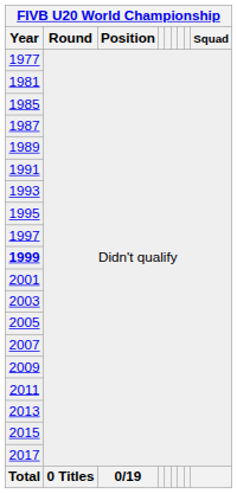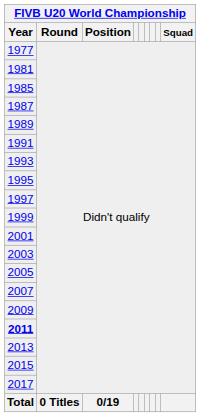 <table class="wikitable" style="text-align: center;">
 <tr>
 <th colspan=9><a href='#'>FIVB U20 World Championship</a></th>
 </tr>
 <tr>
 <th>Year</th>
 <th>Round</th>
 <th>Position</th>
 <th></th>
 <th></th>
 <th></th>
 <th></th>
 <th></th>
 <th><small>Squad</small></th>
 </tr>
 <tr bgcolor="efefef">
 <td> <a href='#'>1977</a></td>
 <td colspan=9 rowspan=19>Didn't qualify</td>
 </tr>
 <tr bgcolor="efefef">
 <td> <a href='#'>1981</a></td>
 </tr>
 <tr bgcolor="efefef">
 <td> <a href='#'>1985</a></td>
 </tr>
 <tr bgcolor="efefef">
 <td> <a href='#'>1987</a></td>
 </tr>
 <tr bgcolor="efefef">
 <td> <a href='#'>1989</a></td>
 </tr>
 <tr bgcolor="efefef">
 <td> <a href='#'>1991</a></td>
 </tr>
 <tr bgcolor="efefef">
 <td> <a href='#'>1993</a></td>
 </tr>
 <tr bgcolor="efefef">
 <td> <a href='#'>1995</a></td>
 </tr>
 <tr bgcolor="efefef">
 <td> <a href='#'>1997</a></td>
 </tr>
 <tr bgcolor="efefef">
-<td><strong> <a href='#'>1999</a></strong></td>
+<td> <a href='#'>1999</a></td>
 </tr>
 <tr bgcolor="efefef">
 <td> <a href='#'>2001</a></td>
 </tr>
 <tr bgcolor="efefef">
 <td> <a href='#'>2003</a></td>
 </tr>
 <tr bgcolor="efefef">
 <td> <a href='#'>2005</a></td>
 </tr>
 <tr bgcolor="efefef">
 <td> <a href='#'>2007</a></td>
 </tr>
 <tr bgcolor="efefef">
 <td> <a href='#'>2009</a></td>
 </tr>
 <tr bgcolor="efefef">
-<td> <a href='#'>2011</a></td>
+<td><strong> <a href='#'>2011</a></strong></td>
 </tr>
 <tr bgcolor="efefef">
 <td> <a href='#'>2013</a></td>
 </tr>
 <tr bgcolor="efefef">
 <td> <a href='#'>2015</a></td>
 </tr>
 <tr bgcolor="efefef">
 <td> <a href='#'>2017</a></td>
 </tr>
 <tr>
 <th>Total</th>
 <th>0 Titles</th>
 <th>0/19</th>
 <th></th>
 <th></th>
 <th></th>
 <th></th>
 <th></th>
 <th></th>
 </tr>
 </table>
